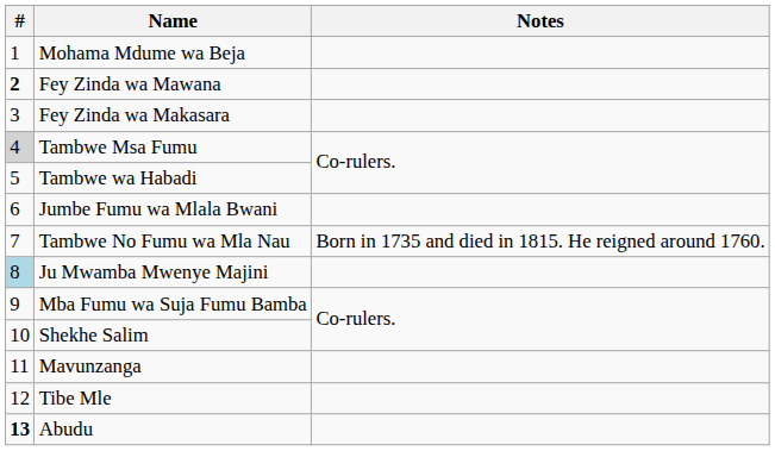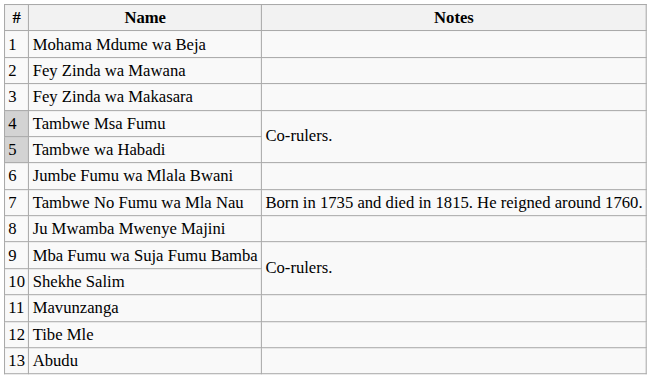 <table class="wikitable">
 <tr>
 <th>#</th>
 <th>Name</th>
 <th>Notes</th>
 </tr>
 <tr>
 <td>1</td>
 <td>Mohama Mdume wa Beja</td>
 <td></td>
 </tr>
 <tr>
-<td><strong>2</strong></td>
+<td>2</td>
 <td>Fey Zinda wa Mawana</td>
 <td></td>
 </tr>
 <tr>
 <td>3</td>
 <td>Fey Zinda wa Makasara</td>
 <td></td>
 </tr>
 <tr>
 <td style="background: lightgrey;">4</td>
 <td>Tambwe Msa Fumu</td>
 <td rowspan="2">Co-rulers.</td>
 </tr>
 <tr>
-<td>5</td>
+<td style="background: lightgrey;">5</td>
 <td>Tambwe wa Habadi</td>
 </tr>
 <tr>
 <td>6</td>
 <td>Jumbe Fumu wa Mlala Bwani</td>
 <td></td>
 </tr>
 <tr>
 <td>7</td>
 <td>Tambwe No Fumu wa Mla Nau</td>
 <td>Born in 1735 and died in 1815. He reigned around 1760.</td>
 </tr>
 <tr>
-<td style="background: lightblue;">8</td>
+<td>8</td>
 <td>Ju Mwamba Mwenye Majini</td>
 <td></td>
 </tr>
 <tr>
 <td>9</td>
 <td>Mba Fumu wa Suja Fumu Bamba</td>
 <td rowspan="2">Co-rulers.</td>
 </tr>
 <tr>
 <td>10</td>
 <td>Shekhe Salim</td>
 </tr>
 <tr>
 <td>11</td>
 <td>Mavunzanga</td>
 <td></td>
 </tr>
 <tr>
 <td>12</td>
 <td>Tibe Mle</td>
 <td></td>
 </tr>
 <tr>
-<td><strong>13</strong></td>
+<td>13</td>
 <td>Abudu</td>
 <td></td>
 </tr>
 </table>
